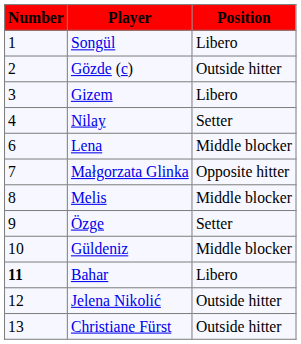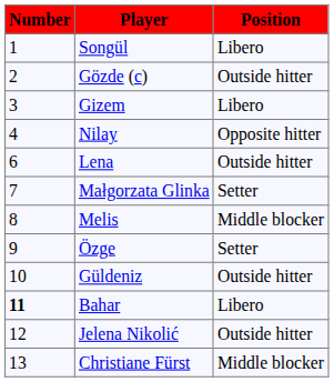 <table bgcolor="#f7f8ff" cellpadding="3" cellspacing="0" border="1" style="font-size: 95%; border: gray solid 1px; border-collapse: collapse;">
 <tr bgcolor="#ff0000">
 <td align=center><strong>Number</strong></td>
 <td align=center><strong>Player</strong></td>
 <td align=center><strong>Position</strong></td>
 </tr>
 <tr align="left">
 <td>1</td>
 <td> <a href='#'>Songül</a></td>
 <td>Libero</td>
 </tr>
 <tr align=left>
 <td>2</td>
 <td> <a href='#'>Gözde</a> (<a href='#'>c</a>)</td>
 <td>Outside hitter</td>
 </tr>
 <tr align="left">
 <td>3</td>
 <td> <a href='#'>Gizem</a></td>
 <td>Libero</td>
 </tr>
 <tr align="left">
 <td>4</td>
 <td> <a href='#'>Nilay</a></td>
-<td>Setter</td>
+<td>Opposite hitter</td>
 </tr>
 <tr align="left">
 <td>6</td>
 <td> <a href='#'>Lena</a></td>
-<td>Middle blocker</td>
+<td>Outside hitter</td>
 </tr>
 <tr align="left">
 <td>7</td>
 <td> <a href='#'>Małgorzata Glinka</a></td>
-<td>Opposite hitter</td>
+<td>Setter</td>
 </tr>
 <tr align="left">
 <td>8</td>
 <td> <a href='#'>Melis</a></td>
 <td>Middle blocker</td>
 </tr>
 <tr align="left">
 <td>9</td>
 <td> <a href='#'>Özge</a></td>
 <td>Setter</td>
 </tr>
 <tr align="left">
 <td>10</td>
 <td> <a href='#'>Güldeniz</a></td>
-<td>Middle blocker</td>
+<td>Outside hitter</td>
 </tr>
 <tr align="left">
 <td><strong>11</strong></td>
 <td> <a href='#'>Bahar</a></td>
 <td>Libero</td>
 </tr>
 <tr align="left">
 <td>12</td>
 <td> <a href='#'>Jelena Nikolić</a></td>
 <td>Outside hitter</td>
 </tr>
 <tr align="left">
 <td>13</td>
 <td> <a href='#'>Christiane Fürst</a></td>
-<td>Outside hitter</td>
+<td>Middle blocker</td>
 </tr>
 </table>
